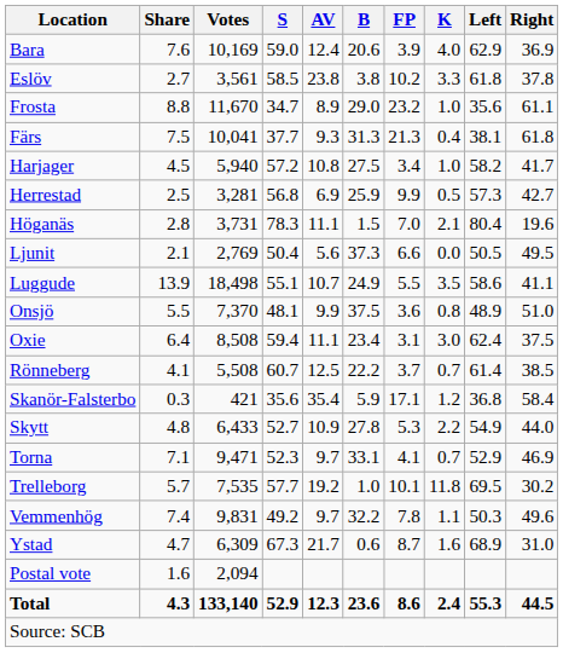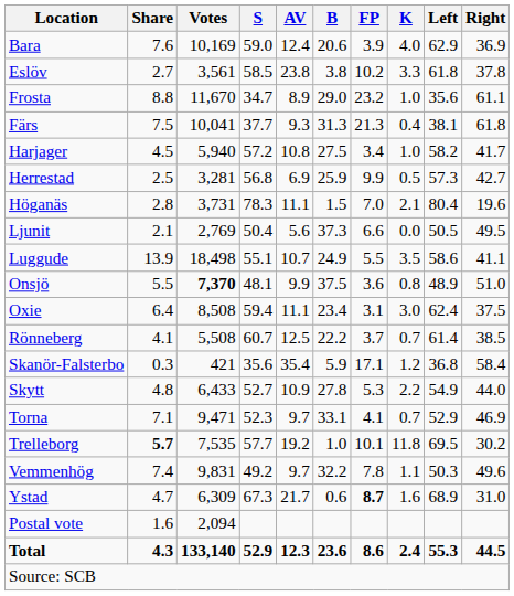 <table class="wikitable sortable" style=text-align:right>
 <tr>
 <th>Location</th>
 <th>Share</th>
 <th>Votes</th>
 <th><a href='#'>S</a></th>
 <th><a href='#'>AV</a></th>
 <th><a href='#'>B</a></th>
 <th><a href='#'>FP</a></th>
 <th><a href='#'>K</a></th>
 <th>Left</th>
 <th>Right</th>
 </tr>
 <tr>
 <td align=left><a href='#'>Bara</a></td>
 <td>7.6</td>
 <td>10,169</td>
 <td>59.0</td>
 <td>12.4</td>
 <td>20.6</td>
 <td>3.9</td>
 <td>4.0</td>
 <td>62.9</td>
 <td>36.9</td>
 </tr>
 <tr>
 <td align=left><a href='#'>Eslöv</a></td>
 <td>2.7</td>
 <td>3,561</td>
 <td>58.5</td>
 <td>23.8</td>
 <td>3.8</td>
 <td>10.2</td>
 <td>3.3</td>
 <td>61.8</td>
 <td>37.8</td>
 </tr>
 <tr>
 <td align=left><a href='#'>Frosta</a></td>
 <td>8.8</td>
 <td>11,670</td>
 <td>34.7</td>
 <td>8.9</td>
 <td>29.0</td>
 <td>23.2</td>
 <td>1.0</td>
 <td>35.6</td>
 <td>61.1</td>
 </tr>
 <tr>
 <td align=left><a href='#'>Färs</a></td>
 <td>7.5</td>
 <td>10,041</td>
 <td>37.7</td>
 <td>9.3</td>
 <td>31.3</td>
 <td>21.3</td>
 <td>0.4</td>
 <td>38.1</td>
 <td>61.8</td>
 </tr>
 <tr>
 <td align=left><a href='#'>Harjager</a></td>
 <td>4.5</td>
 <td>5,940</td>
 <td>57.2</td>
 <td>10.8</td>
 <td>27.5</td>
 <td>3.4</td>
 <td>1.0</td>
 <td>58.2</td>
 <td>41.7</td>
 </tr>
 <tr>
 <td align=left><a href='#'>Herrestad</a></td>
 <td>2.5</td>
 <td>3,281</td>
 <td>56.8</td>
 <td>6.9</td>
 <td>25.9</td>
 <td>9.9</td>
 <td>0.5</td>
 <td>57.3</td>
 <td>42.7</td>
 </tr>
 <tr>
 <td align=left><a href='#'>Höganäs</a></td>
 <td>2.8</td>
 <td>3,731</td>
 <td>78.3</td>
 <td>11.1</td>
 <td>1.5</td>
 <td>7.0</td>
 <td>2.1</td>
 <td>80.4</td>
 <td>19.6</td>
 </tr>
 <tr>
 <td align=left><a href='#'>Ljunit</a></td>
 <td>2.1</td>
 <td>2,769</td>
 <td>50.4</td>
 <td>5.6</td>
 <td>37.3</td>
 <td>6.6</td>
 <td>0.0</td>
 <td>50.5</td>
 <td>49.5</td>
 </tr>
 <tr>
 <td align=left><a href='#'>Luggude</a></td>
 <td>13.9</td>
 <td>18,498</td>
 <td>55.1</td>
 <td>10.7</td>
 <td>24.9</td>
 <td>5.5</td>
 <td>3.5</td>
 <td>58.6</td>
 <td>41.1</td>
 </tr>
 <tr>
 <td align=left><a href='#'>Onsjö</a></td>
 <td>5.5</td>
-<td>7,370</td>
+<td><strong>7,370</strong></td>
 <td>48.1</td>
 <td>9.9</td>
 <td>37.5</td>
 <td>3.6</td>
 <td>0.8</td>
 <td>48.9</td>
 <td>51.0</td>
 </tr>
 <tr>
 <td align=left><a href='#'>Oxie</a></td>
 <td>6.4</td>
 <td>8,508</td>
 <td>59.4</td>
 <td>11.1</td>
 <td>23.4</td>
 <td>3.1</td>
 <td>3.0</td>
 <td>62.4</td>
 <td>37.5</td>
 </tr>
 <tr>
 <td align=left><a href='#'>Rönneberg</a></td>
 <td>4.1</td>
 <td>5,508</td>
 <td>60.7</td>
 <td>12.5</td>
 <td>22.2</td>
 <td>3.7</td>
 <td>0.7</td>
 <td>61.4</td>
 <td>38.5</td>
 </tr>
 <tr>
 <td align=left><a href='#'>Skanör-Falsterbo</a></td>
 <td>0.3</td>
 <td>421</td>
 <td>35.6</td>
 <td>35.4</td>
 <td>5.9</td>
 <td>17.1</td>
 <td>1.2</td>
 <td>36.8</td>
 <td>58.4</td>
 </tr>
 <tr>
 <td align=left><a href='#'>Skytt</a></td>
 <td>4.8</td>
 <td>6,433</td>
 <td>52.7</td>
 <td>10.9</td>
 <td>27.8</td>
 <td>5.3</td>
 <td>2.2</td>
 <td>54.9</td>
 <td>44.0</td>
 </tr>
 <tr>
 <td align=left><a href='#'>Torna</a></td>
 <td>7.1</td>
 <td>9,471</td>
 <td>52.3</td>
 <td>9.7</td>
 <td>33.1</td>
 <td>4.1</td>
 <td>0.7</td>
 <td>52.9</td>
 <td>46.9</td>
 </tr>
 <tr>
 <td align=left><a href='#'>Trelleborg</a></td>
-<td>5.7</td>
+<td><strong>5.7</strong></td>
 <td>7,535</td>
 <td>57.7</td>
 <td>19.2</td>
 <td>1.0</td>
 <td>10.1</td>
 <td>11.8</td>
 <td>69.5</td>
 <td>30.2</td>
 </tr>
 <tr>
 <td align=left><a href='#'>Vemmenhög</a></td>
 <td>7.4</td>
 <td>9,831</td>
 <td>49.2</td>
 <td>9.7</td>
 <td>32.2</td>
 <td>7.8</td>
 <td>1.1</td>
 <td>50.3</td>
 <td>49.6</td>
 </tr>
 <tr>
 <td align=left><a href='#'>Ystad</a></td>
 <td>4.7</td>
 <td>6,309</td>
 <td>67.3</td>
 <td>21.7</td>
 <td>0.6</td>
-<td>8.7</td>
+<td><strong>8.7</strong></td>
 <td>1.6</td>
 <td>68.9</td>
 <td>31.0</td>
 </tr>
 <tr>
 <td align=left><a href='#'>Postal vote</a></td>
 <td>1.6</td>
 <td>2,094</td>
 <td></td>
 <td></td>
 <td></td>
 <td></td>
 <td></td>
 <td></td>
 <td></td>
 </tr>
 <tr>
 <td align=left><strong>Total</strong></td>
 <td><strong>4.3</strong></td>
 <td><strong>133,140</strong></td>
 <td><strong>52.9</strong></td>
 <td><strong>12.3</strong></td>
 <td><strong>23.6</strong></td>
 <td><strong>8.6</strong></td>
 <td><strong>2.4</strong></td>
 <td><strong>55.3</strong></td>
 <td><strong>44.5</strong></td>
 </tr>
 <tr>
 <td align=left colspan=10>Source: SCB </td>
 </tr>
 </table>
